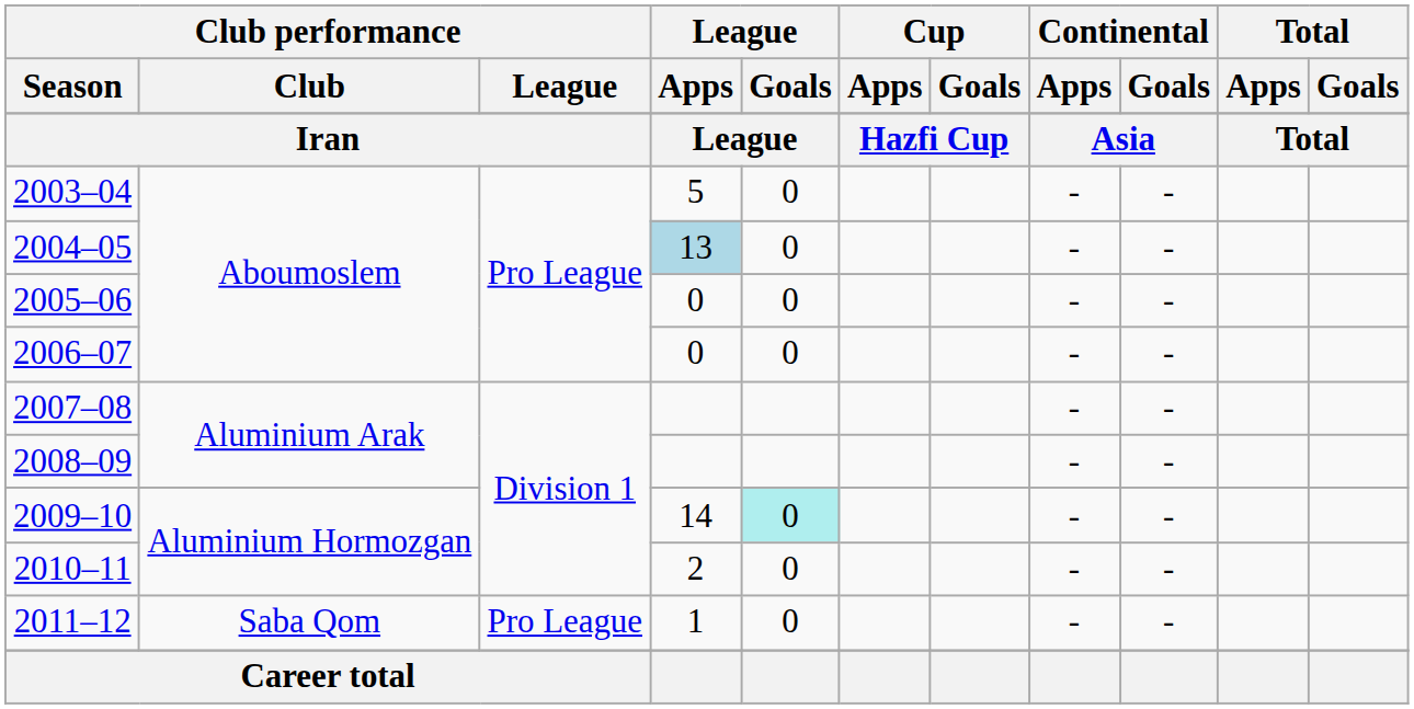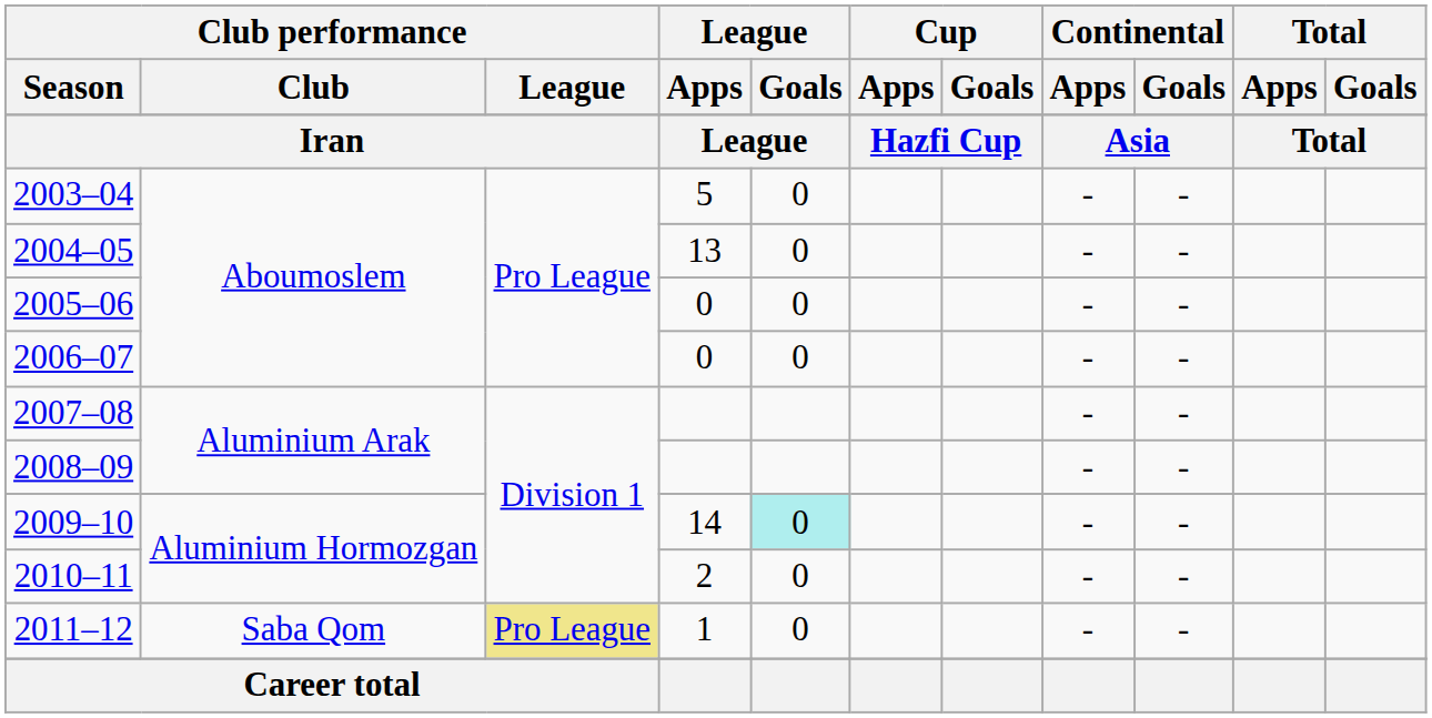 <table class="wikitable" style="text-align:center">
 <tr>
 <th colspan=3>Club performance</th>
 <th colspan=2>League</th>
 <th colspan=2>Cup</th>
 <th colspan=2>Continental</th>
 <th colspan=2>Total</th>
 </tr>
 <tr>
 <th>Season</th>
 <th>Club</th>
 <th>League</th>
 <th>Apps</th>
 <th>Goals</th>
 <th>Apps</th>
 <th>Goals</th>
 <th>Apps</th>
 <th>Goals</th>
 <th>Apps</th>
 <th>Goals</th>
 </tr>
 <tr>
 </tr>
 <tr>
 <th colspan=3>Iran</th>
 <th colspan=2>League</th>
 <th colspan=2><a href='#'>Hazfi Cup</a></th>
 <th colspan=2><a href='#'>Asia</a></th>
 <th colspan=2>Total</th>
 </tr>
 <tr>
 <td><a href='#'>2003–04</a></td>
 <td rowspan="4"><a href='#'>Aboumoslem</a></td>
 <td rowspan="4"><a href='#'>Pro League</a></td>
 <td>5</td>
 <td>0</td>
 <td></td>
 <td></td>
 <td>-</td>
 <td>-</td>
 <td></td>
 <td></td>
 </tr>
 <tr>
 <td><a href='#'>2004–05</a></td>
-<td style="background: lightblue;">13</td>
+<td>13</td>
 <td>0</td>
 <td></td>
 <td></td>
 <td>-</td>
 <td>-</td>
 <td></td>
 <td></td>
 </tr>
 <tr>
 <td><a href='#'>2005–06</a></td>
 <td>0</td>
 <td>0</td>
 <td></td>
 <td></td>
 <td>-</td>
 <td>-</td>
 <td></td>
 <td></td>
 </tr>
 <tr>
 <td><a href='#'>2006–07</a></td>
 <td>0</td>
 <td>0</td>
 <td></td>
 <td></td>
 <td>-</td>
 <td>-</td>
 <td></td>
 <td></td>
 </tr>
 <tr>
 <td><a href='#'>2007–08</a></td>
 <td rowspan="2"><a href='#'>Aluminium Arak</a></td>
 <td rowspan="4"><a href='#'>Division 1</a></td>
 <td></td>
 <td></td>
 <td></td>
 <td></td>
 <td>-</td>
 <td>-</td>
 <td></td>
 <td></td>
 </tr>
 <tr>
 <td><a href='#'>2008–09</a></td>
 <td></td>
 <td></td>
 <td></td>
 <td></td>
 <td>-</td>
 <td>-</td>
 <td></td>
 <td></td>
 </tr>
 <tr>
 <td><a href='#'>2009–10</a></td>
 <td rowspan="2"><a href='#'>Aluminium Hormozgan</a></td>
 <td>14</td>
 <td style="background: paleturquoise;">0</td>
 <td></td>
 <td></td>
 <td>-</td>
 <td>-</td>
 <td></td>
 <td></td>
 </tr>
 <tr>
 <td><a href='#'>2010–11</a></td>
 <td>2</td>
 <td>0</td>
 <td></td>
 <td></td>
 <td>-</td>
 <td>-</td>
 <td></td>
 <td></td>
 </tr>
 <tr>
 <td><a href='#'>2011–12</a></td>
 <td rowspan="1"><a href='#'>Saba Qom</a></td>
-<td rowspan="1"><a href='#'>Pro League</a></td>
+<td rowspan="1" style="background: khaki;"><a href='#'>Pro League</a></td>
 <td>1</td>
 <td>0</td>
 <td></td>
 <td></td>
 <td>-</td>
 <td>-</td>
 <td></td>
 <td></td>
 </tr>
 <tr>
 </tr>
 <tr>
 <th colspan=3>Career total</th>
 <th></th>
 <th></th>
 <th></th>
 <th></th>
 <th></th>
 <th></th>
 <th></th>
 <th></th>
 </tr>
 </table>
